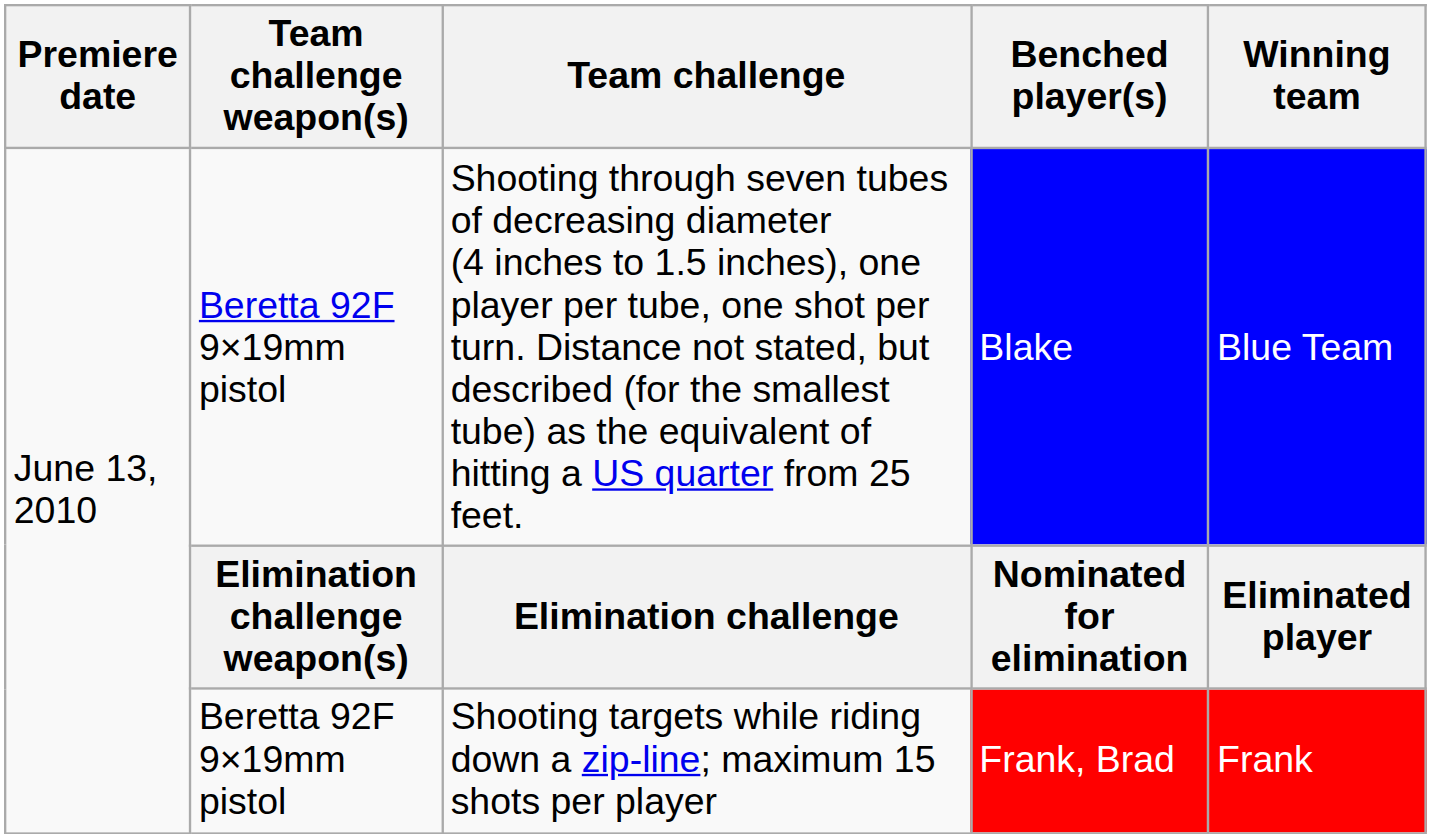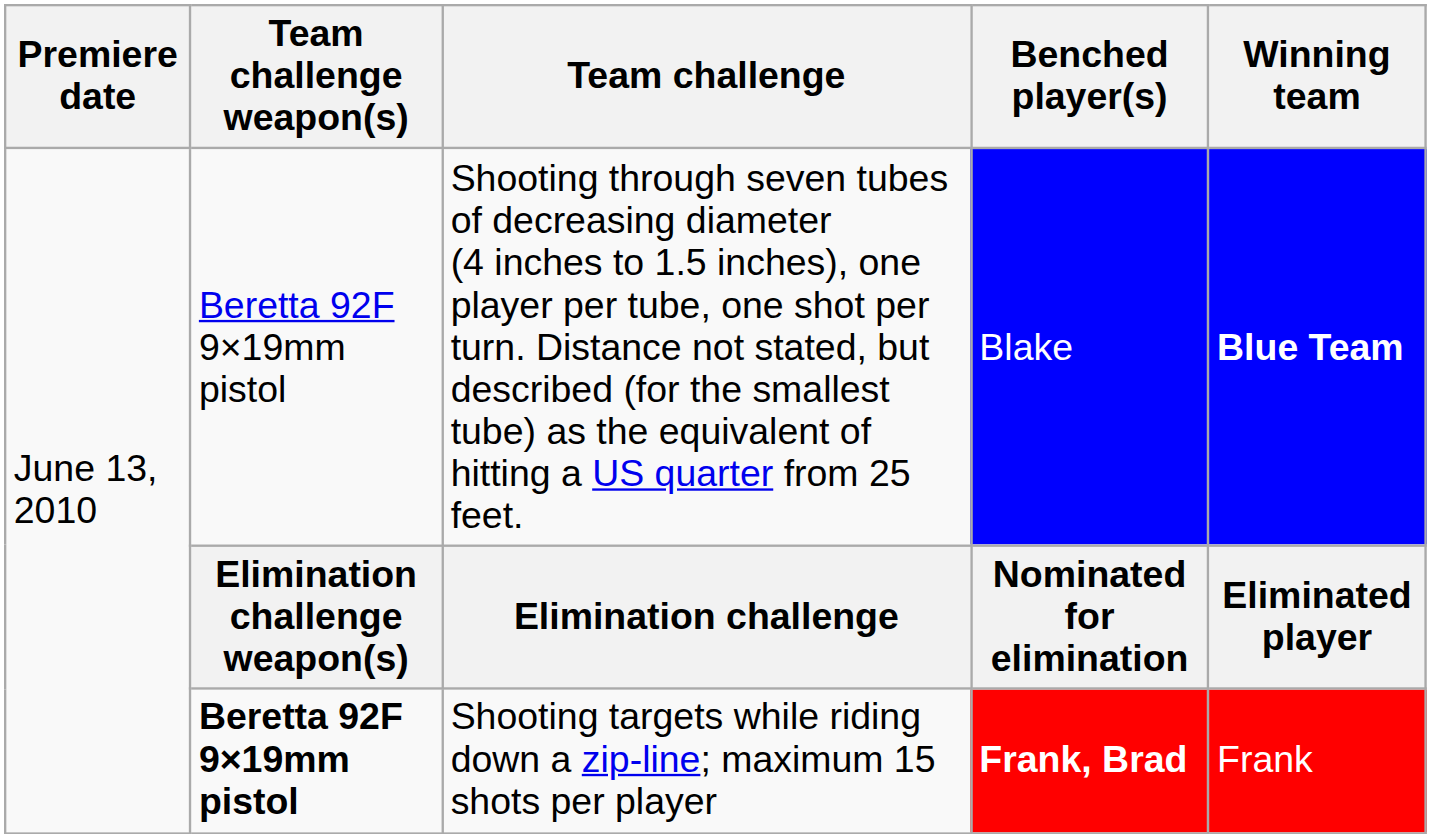 <table class="wikitable">
 <tr>
 <th>Premiere date</th>
 <th>Team challenge weapon(s)</th>
 <th>Team challenge</th>
 <th>Benched player(s)</th>
 <th>Winning team</th>
 </tr>
 <tr>
 <td rowspan="3">June 13, 2010</td>
 <td><a href='#'>Beretta 92F</a> 9×19mm pistol</td>
 <td>Shooting through seven tubes of decreasing diameter (4 inches to 1.5 inches), one player per tube, one shot per turn. Distance not stated, but described (for the smallest tube) as the equivalent of hitting a <a href='#'>US quarter</a> from 25 feet.</td>
 <td style="background:blue; color:white;">Blake</td>
-<td style="background:blue; color:white;">Blue Team</td>
+<td style="background:blue; color:white;"><strong>Blue Team</strong></td>
 </tr>
 <tr>
 <th>Elimination challenge weapon(s)</th>
 <th>Elimination challenge</th>
 <th>Nominated for elimination</th>
 <th>Eliminated player</th>
 </tr>
 <tr>
-<td>Beretta 92F 9×19mm pistol</td>
+<td><strong>Beretta 92F 9×19mm pistol</strong></td>
 <td>Shooting targets while riding down a <a href='#'>zip-line</a>; maximum 15 shots per player</td>
-<td style="background:red; color:white;">Frank, Brad</td>
+<td style="background:red; color:white;"><strong>Frank, Brad</strong></td>
 <td style="background:red; color:white;">Frank</td>
 </tr>
 </table>
